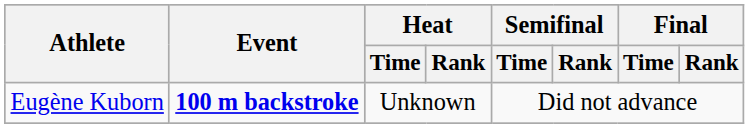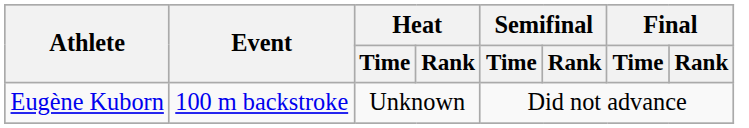 <table class=wikitable style="font-size:90%;">
 <tr>
 <th rowspan=2>Athlete</th>
 <th rowspan=2>Event</th>
 <th colspan=2>Heat</th>
 <th colspan=2>Semifinal</th>
 <th colspan=2>Final</th>
 </tr>
 <tr style="font-size:95%">
 <th>Time</th>
 <th>Rank</th>
 <th>Time</th>
 <th>Rank</th>
 <th>Time</th>
 <th>Rank</th>
 </tr>
 <tr align=center>
 <td align=left><a href='#'>Eugène Kuborn</a></td>
-<td align=left><strong><a href='#'>100 m backstroke</a></strong></td>
+<td align=left><a href='#'>100 m backstroke</a></td>
 <td colspan=2>Unknown</td>
 <td colspan=4>Did not advance</td>
 </tr>
 </table>
